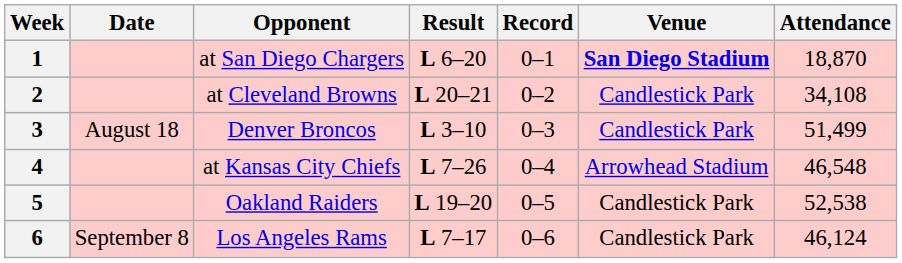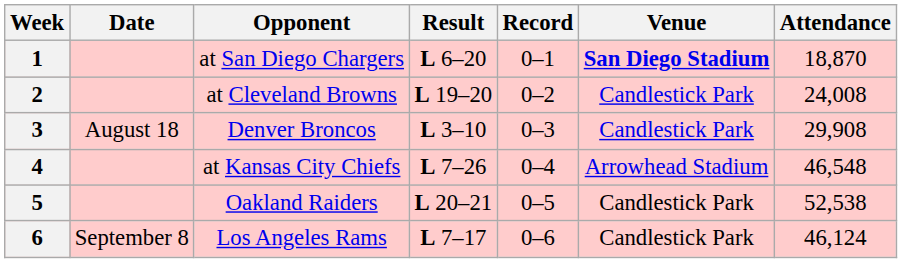 <table class="wikitable" style="text-align:center">
 <tr>
 <th>Week</th>
 <th>Date</th>
 <th>Opponent</th>
 <th>Result</th>
 <th>Record</th>
 <th>Venue</th>
 <th>Attendance</th>
 </tr>
 <tr style="background:#fcc">
 <th>1</th>
 <td></td>
 <td>at <a href='#'>San Diego Chargers</a></td>
 <td><strong>L</strong> 6–20</td>
 <td>0–1</td>
 <td><strong><a href='#'>San Diego Stadium</a></strong></td>
 <td>18,870</td>
 </tr>
 <tr style="background:#fcc">
 <th>2</th>
 <td></td>
 <td>at <a href='#'>Cleveland Browns</a></td>
-<td><strong>L</strong> 20–21</td>
+<td><strong>L</strong> 19–20</td>
 <td>0–2</td>
 <td><a href='#'>Candlestick Park</a></td>
-<td>34,108</td>
+<td>24,008</td>
 </tr>
 <tr style="background:#fcc">
 <th>3</th>
 <td>August 18</td>
 <td><a href='#'>Denver Broncos</a></td>
 <td><strong>L</strong> 3–10</td>
 <td>0–3</td>
 <td><a href='#'>Candlestick Park</a></td>
-<td>51,499</td>
+<td>29,908</td>
 </tr>
 <tr style="background:#fcc">
 <th>4</th>
 <td></td>
 <td>at <a href='#'>Kansas City Chiefs</a></td>
 <td><strong>L</strong> 7–26</td>
 <td>0–4</td>
 <td><a href='#'>Arrowhead Stadium</a></td>
 <td>46,548</td>
 </tr>
 <tr style="background:#fcc">
 <th>5</th>
 <td></td>
 <td><a href='#'>Oakland Raiders</a></td>
-<td><strong>L</strong> 19–20</td>
+<td><strong>L</strong> 20–21</td>
 <td>0–5</td>
 <td>Candlestick Park</td>
 <td>52,538</td>
 </tr>
 <tr style="background:#fcc">
 <th>6</th>
 <td>September 8</td>
 <td><a href='#'>Los Angeles Rams</a></td>
 <td><strong>L</strong> 7–17</td>
 <td>0–6</td>
 <td>Candlestick Park</td>
 <td>46,124</td>
 </tr>
 </table>
